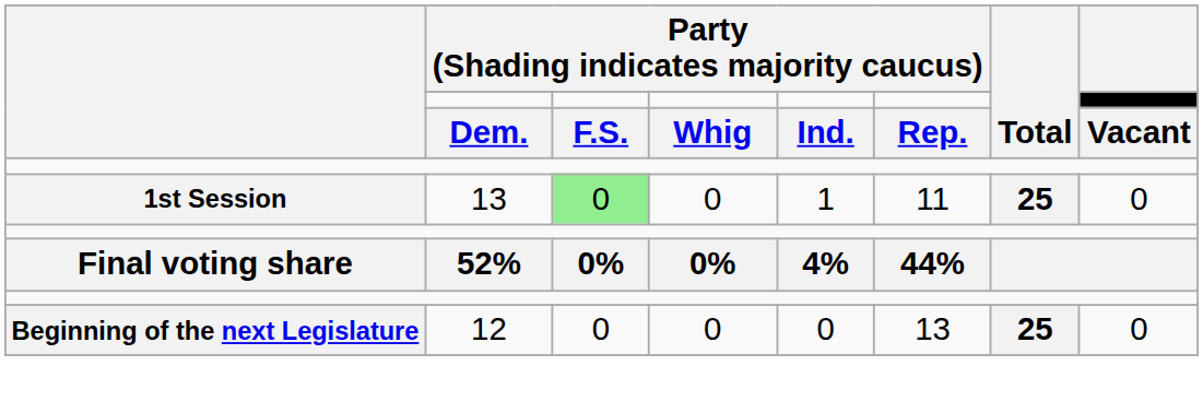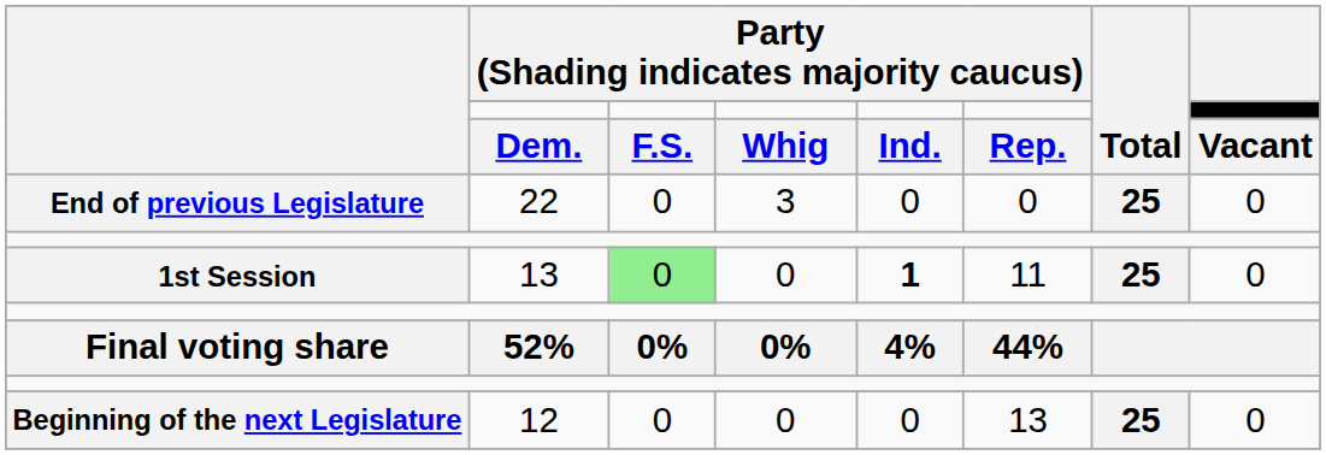 <table class=wikitable style="text-align:center">
 <tr style="vertical-align:bottom;">
 <th rowspan=3></th>
 <th colspan=5>Party <div>(Shading indicates majority caucus)</div></th>
 <th rowspan=3>Total</th>
 <th></th>
 </tr>
 <tr style="height:5px">
 <td style="background-color:"></td>
 <td style="background-color:"></td>
 <td style="background-color:"></td>
 <td style="background-color:"></td>
 <td style="background-color:"></td>
 <td style="background:black;"></td>
 </tr>
 <tr>
 <th><a href='#'>Dem.</a></th>
 <th><a href='#'>F.S.</a></th>
 <th><a href='#'>Whig</a></th>
 <th><a href='#'>Ind.</a></th>
 <th><a href='#'>Rep.</a></th>
 <th>Vacant</th>
 </tr>
 <tr>
+<th style="font-size:80%;">End of <a href='#'>previous Legislature</a></th>
+<td>22</td>
+<td>0</td>
+<td>3</td>
+<td>0</td>
+<td>0</td>
+<th>25</th>
+<td>0</td>
+</tr>
+<tr>
 <td colspan=8></td>
 </tr>
 <tr>
 <th style="font-size:80%;">1st Session</th>
 <td>13</td>
 <td style="background: lightgreen;">0</td>
 <td>0</td>
-<td>1</td>
+<td><strong>1</strong></td>
 <td>11</td>
 <th>25</th>
 <td>0</td>
 </tr>
 <tr>
 <td colspan=8></td>
 </tr>
 <tr>
 <th>Final voting share</th>
 <th>52%</th>
 <th>0%</th>
 <th>0%</th>
 <th>4%</th>
 <th>44%</th>
 <th colspan=2></th>
 </tr>
 <tr>
 <td colspan=8></td>
 </tr>
 <tr>
 <th style="font-size:80%;">Beginning of the <a href='#'>next Legislature</a></th>
 <td>12</td>
 <td>0</td>
 <td>0</td>
 <td>0</td>
 <td>13</td>
 <th>25</th>
 <td>0</td>
 </tr>
 </table>
